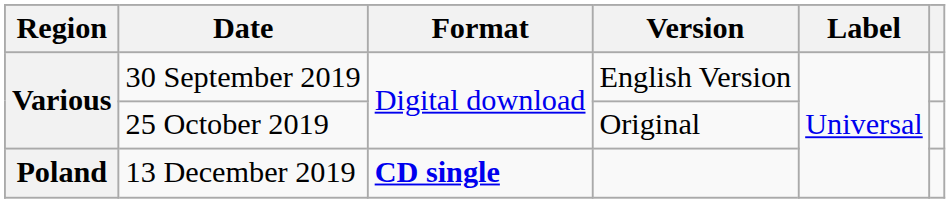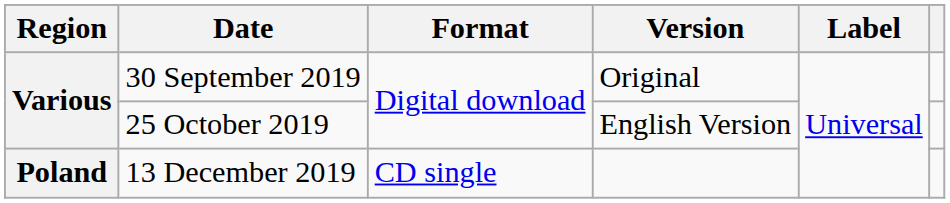 <table class="wikitable plainrowheaders">
 <tr>
 <th scope="col">Region</th>
 <th scope="col">Date</th>
 <th scope="col">Format</th>
 <th scope="col">Version</th>
 <th scope="col">Label</th>
 <th scope="col"></th>
 </tr>
 <tr>
 <th scope="row" rowspan="2">Various</th>
 <td>30 September 2019</td>
 <td rowspan="2"><a href='#'>Digital download</a></td>
-<td>English Version</td>
+<td>Original</td>
 <td rowspan="3"><a href='#'>Universal</a></td>
 <td></td>
 </tr>
 <tr>
 <td>25 October 2019</td>
-<td>Original</td>
+<td>English Version</td>
 <td></td>
 </tr>
 <tr>
 <th scope="row">Poland</th>
 <td>13 December 2019</td>
-<td><strong><a href='#'>CD single</a></strong></td>
+<td><a href='#'>CD single</a></td>
 <td></td>
 <td></td>
 </tr>
 </table>
